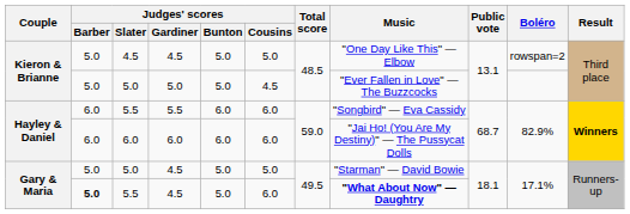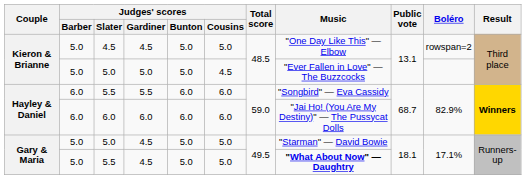 <table class="wikitable sortable" style="text-align:center; ; font-size:90%; width:90%">
 <tr>
 <th scope="col" rowspan=2>Couple</th>
 <th scope="col" colspan=5 class="unsortable">Judges' scores</th>
 <th scope="col" rowspan=2>Total<br>score</th>
 <th scope="col" rowspan=2 class="unsortable">Music</th>
 <th scope="col" rowspan=2>Public<br>vote</th>
 <th scope="col" rowspan=2 class="unsortable"><a href='#'>Boléro</a></th>
 <th scope="col" rowspan=2 class="unsortable">Result</th>
 </tr>
 <tr>
 <th class="unsortable">Barber</th>
 <th class="unsortable">Slater</th>
 <th class="unsortable">Gardiner</th>
 <th class="unsortable">Bunton</th>
 <th class="unsortable">Cousins</th>
 </tr>
 <tr>
 <th scope="row" rowspan=2>Kieron & Brianne</th>
 <td>5.0</td>
 <td>4.5</td>
 <td>4.5</td>
 <td>5.0</td>
 <td>5.0</td>
 <td rowspan=2>48.5</td>
 <td>"<a href='#'>One Day Like This</a>" — <a href='#'>Elbow</a></td>
 <td rowspan=2>13.1</td>
 <td>rowspan=2 </td>
 <td rowspan=2 bgcolor="tan">Third place</td>
 </tr>
 <tr>
 <td>5.0</td>
 <td>5.0</td>
 <td>5.0</td>
 <td>5.0</td>
 <td>4.5</td>
 <td>"<a href='#'>Ever Fallen in Love</a>" — <a href='#'>The Buzzcocks</a></td>
 </tr>
 <tr>
 <th scope="row" rowspan=2>Hayley & Daniel</th>
 <td>6.0</td>
 <td>5.5</td>
 <td>5.5</td>
 <td>6.0</td>
 <td>6.0</td>
 <td rowspan=2>59.0</td>
 <td>"<a href='#'>Songbird</a>" — <a href='#'>Eva Cassidy</a></td>
 <td rowspan=2>68.7</td>
 <td rowspan=2>82.9%</td>
 <td rowspan=2 bgcolor="gold"><strong>Winners</strong></td>
 </tr>
 <tr>
 <td>6.0</td>
 <td>6.0</td>
 <td>6.0</td>
 <td>6.0</td>
 <td>6.0</td>
 <td>"<a href='#'>Jai Ho! (You Are My Destiny)</a>" — <a href='#'>The Pussycat Dolls</a></td>
 </tr>
 <tr>
 <th scope="row" rowspan=2>Gary & Maria</th>
 <td>5.0</td>
 <td>5.0</td>
 <td>4.5</td>
 <td>5.0</td>
 <td>5.0</td>
 <td rowspan=2>49.5</td>
 <td>"<a href='#'>Starman</a>" — <a href='#'>David Bowie</a></td>
 <td rowspan=2>18.1</td>
 <td rowspan=2>17.1%</td>
 <td rowspan=2 bgcolor="silver">Runners-up</td>
 </tr>
 <tr>
-<td><strong>5.0</strong></td>
+<td>5.0</td>
 <td>5.5</td>
 <td>4.5</td>
 <td>5.0</td>
-<td>6.0</td>
+<td>5.0</td>
 <td><strong>"<a href='#'>What About Now</a>" — <a href='#'>Daughtry</a></strong></td>
 </tr>
 </table>
